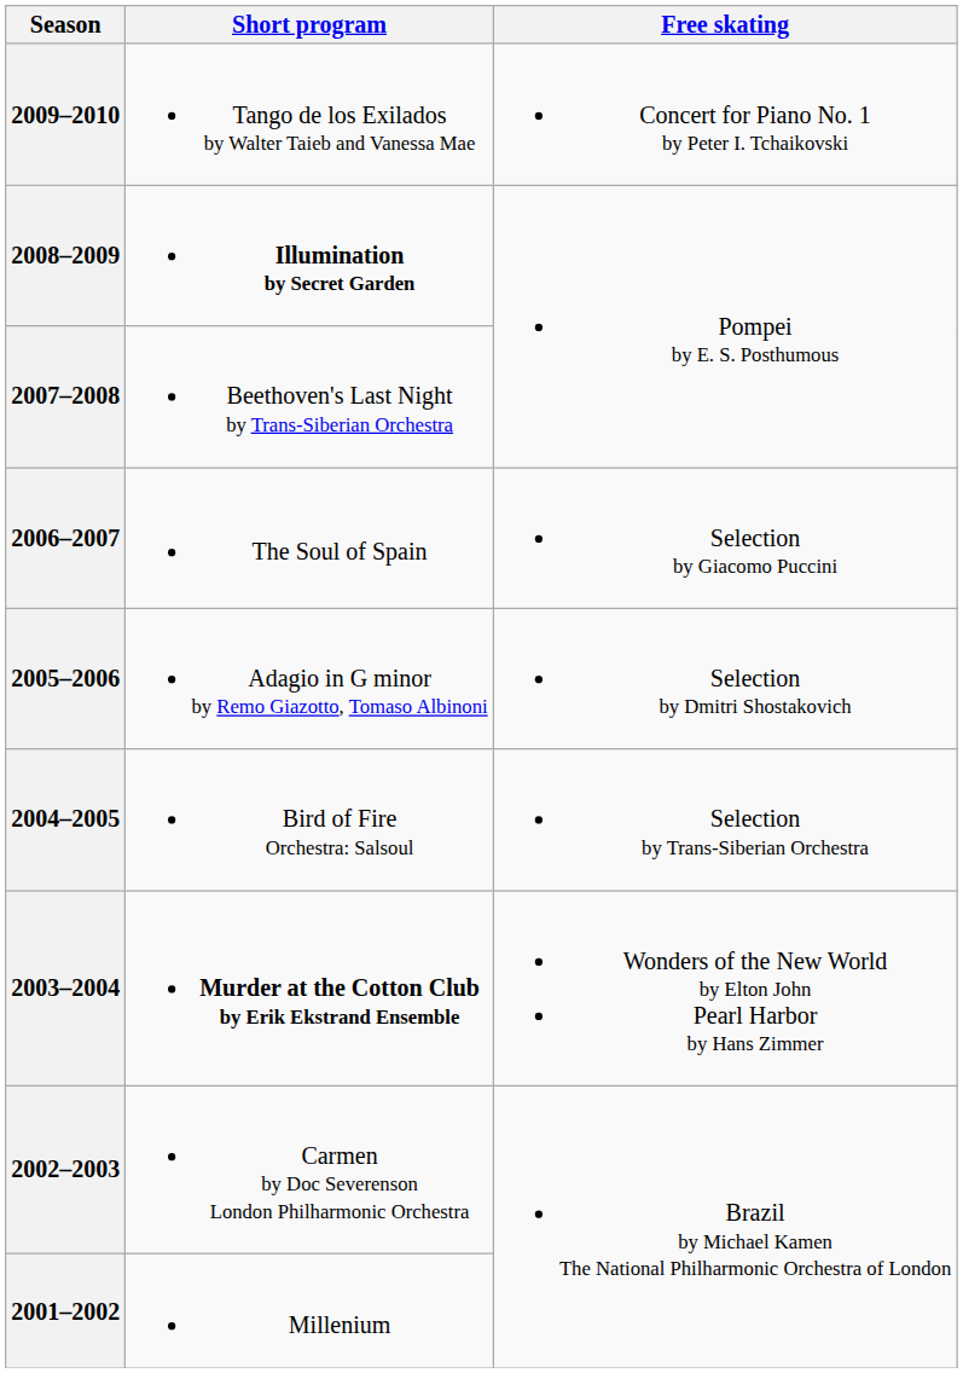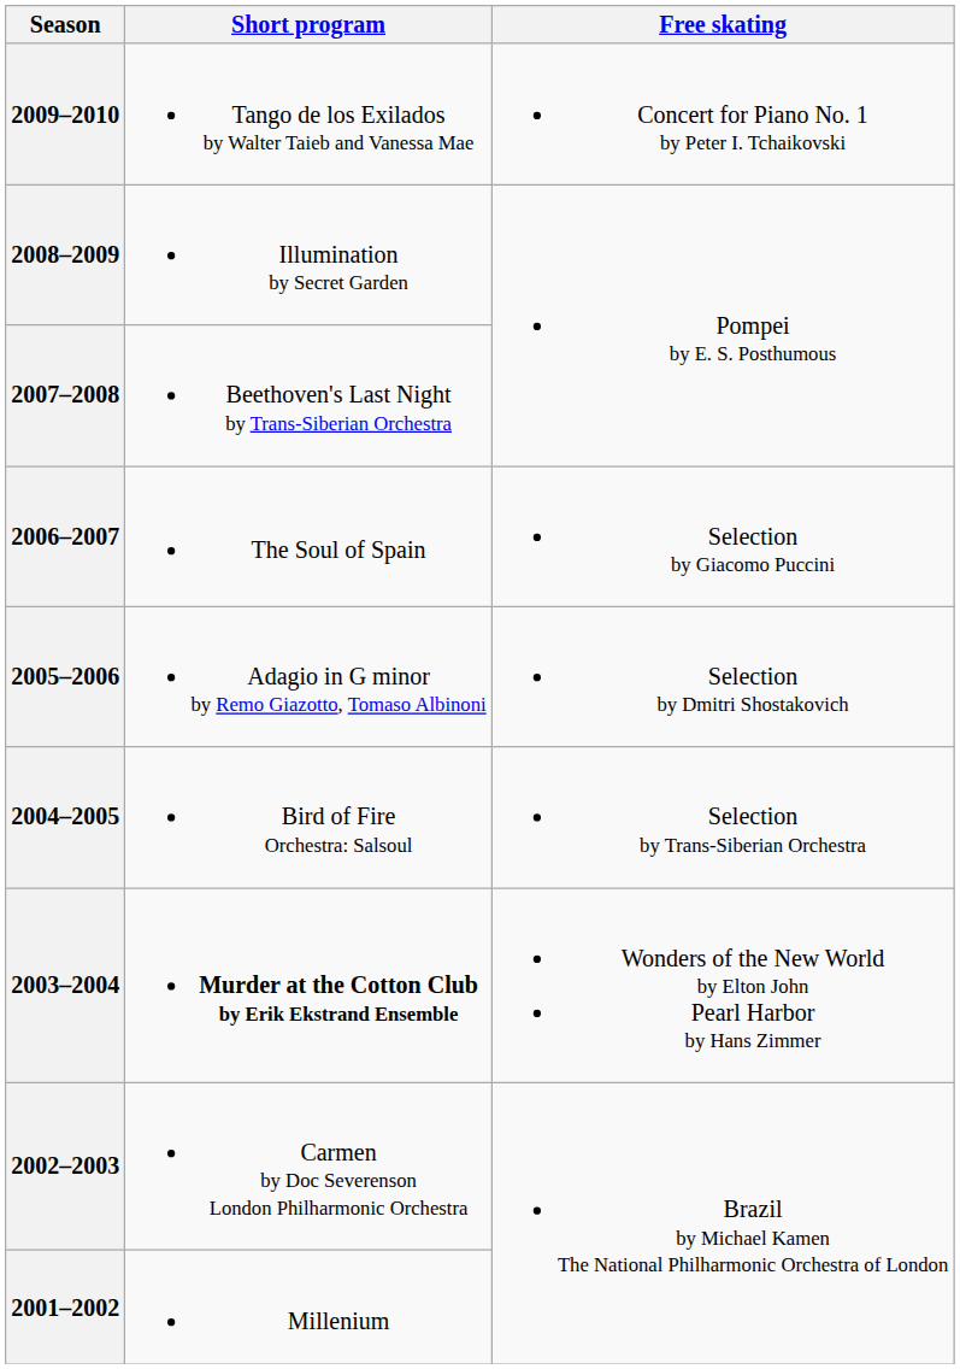 <table class=wikitable style=text-align:center>
 <tr>
 <th>Season</th>
 <th><a href='#'>Short program</a></th>
 <th><a href='#'>Free skating</a></th>
 </tr>
 <tr>
 <th>2009–2010 <br> </th>
 <td><br><ul><li>Tango de los Exilados <br><small> by Walter Taieb and Vanessa Mae </small></li></ul></td>
 <td><br><ul><li>Concert for Piano No. 1 <br><small> by Peter I. Tchaikovski </small></li></ul></td>
 </tr>
 <tr>
 <th>2008–2009 <br> </th>
-<td><strong><br><ul><li>Illumination <br><small> by Secret Garden </small></li></ul></strong></td>
+<td><br><ul><li>Illumination <br><small> by Secret Garden </small></li></ul></td>
 <td rowspan=2><br><ul><li>Pompei <br><small> by E. S. Posthumous </small></li></ul></td>
 </tr>
 <tr>
 <th>2007–2008 <br> </th>
 <td><br><ul><li>Beethoven's Last Night <br><small> by <a href='#'>Trans-Siberian Orchestra</a> </small></li></ul></td>
 </tr>
 <tr>
 <th>2006–2007 <br> </th>
 <td><br><ul><li>The Soul of Spain</li></ul></td>
 <td><br><ul><li>Selection <br><small> by Giacomo Puccini </small></li></ul></td>
 </tr>
 <tr>
 <th>2005–2006 <br> </th>
 <td><br><ul><li>Adagio in G minor <br><small> by <a href='#'>Remo Giazotto</a>, <a href='#'>Tomaso Albinoni</a> </small></li></ul></td>
 <td><br><ul><li>Selection <br><small> by Dmitri Shostakovich </small></li></ul></td>
 </tr>
 <tr>
 <th>2004–2005 <br> </th>
 <td><br><ul><li>Bird of Fire <br><small> Orchestra: Salsoul </small></li></ul></td>
 <td><br><ul><li>Selection <br><small> by Trans-Siberian Orchestra </small></li></ul></td>
 </tr>
 <tr>
 <th>2003–2004 <br> </th>
 <td><strong><br><ul><li>Murder at the Cotton Club <br><small> by Erik Ekstrand Ensemble </small></li></ul></strong></td>
 <td><br><ul><li>Wonders of the New World <br><small> by Elton John </small></li><li>Pearl Harbor <br><small> by Hans Zimmer </small></li></ul></td>
 </tr>
 <tr>
 <th>2002–2003 <br> </th>
 <td><br><ul><li>Carmen <br><small> by Doc Severenson <br> London Philharmonic Orchestra </small></li></ul></td>
 <td rowspan=2><br><ul><li>Brazil <br><small> by Michael Kamen <br> The National Philharmonic Orchestra of London </small></li></ul></td>
 </tr>
 <tr>
 <th>2001–2002 <br> </th>
 <td><br><ul><li>Millenium</li></ul></td>
 </tr>
 </table>
